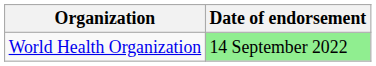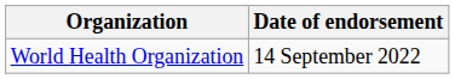 <table class="wikitable">
 <tr>
 <th>Organization</th>
 <th>Date of endorsement</th>
 </tr>
 <tr>
 <td><a href='#'>World Health Organization</a></td>
-<td style="background: lightgreen;">14 September 2022</td>
+<td>14 September 2022</td>
 </tr>
 </table>
